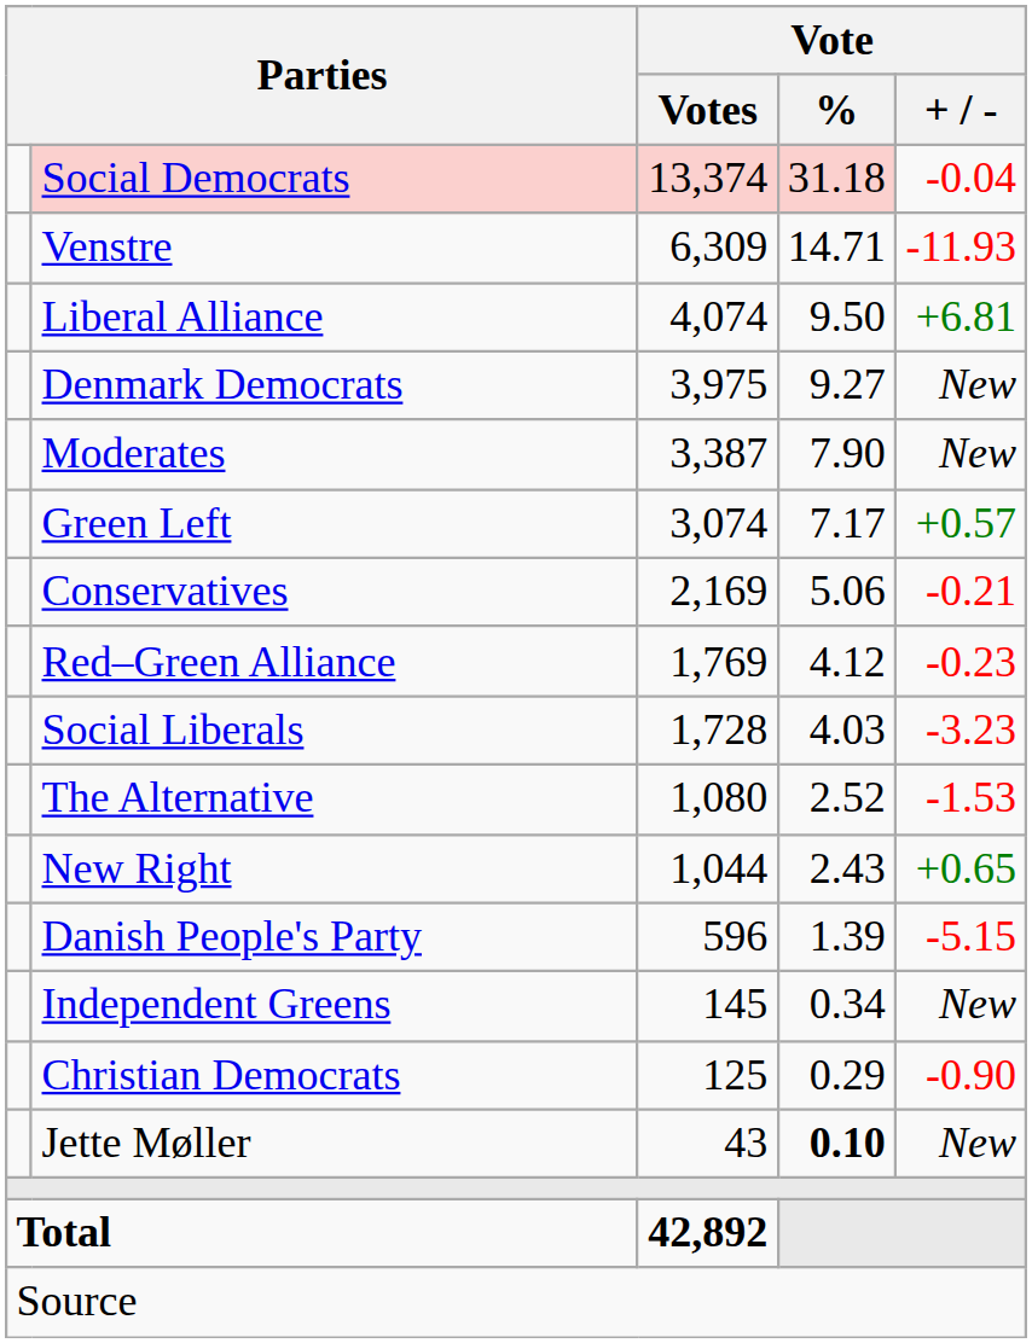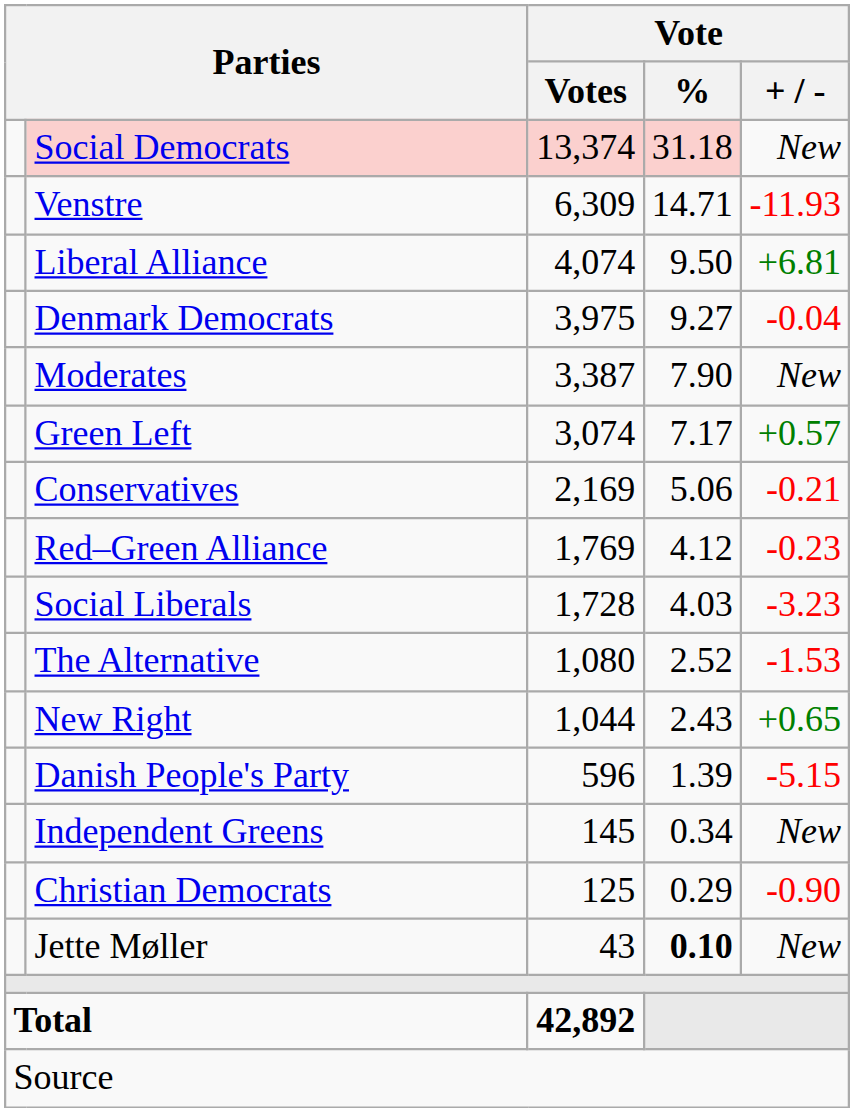 <table class="wikitable" style="text-align:right;">
 <tr>
 <th style="text-align:centre;" rowspan="2" colspan="2" width="225">Parties</th>
 <th colspan="3">Vote</th>
 </tr>
 <tr>
 <th width="15">Votes</th>
 <th width="15">%</th>
 <th width="15">+ / -</th>
 </tr>
 <tr>
 <td width="2" style="color:inherit;background:"></td>
 <td bgcolor=#fbd0ce  align="left"><a href='#'>Social Democrats</a></td>
 <td bgcolor=#fbd0ce>13,374</td>
 <td bgcolor=#fbd0ce>31.18</td>
-<td style=color:red;>-0.04</td>
+<td><em>New</em></td>
 </tr>
 <tr>
 <td width="2" style="color:inherit;background:"></td>
 <td align="left"><a href='#'>Venstre</a></td>
 <td>6,309</td>
 <td>14.71</td>
 <td style=color:red;>-11.93</td>
 </tr>
 <tr>
 <td width="2" style="color:inherit;background:"></td>
 <td align="left"><a href='#'>Liberal Alliance</a></td>
 <td>4,074</td>
 <td>9.50</td>
 <td style=color:green;>+6.81</td>
 </tr>
 <tr>
 <td width="2" style="color:inherit;background:"></td>
 <td align="left"><a href='#'>Denmark Democrats</a></td>
 <td>3,975</td>
 <td>9.27</td>
-<td><em>New</em></td>
+<td style=color:red;>-0.04</td>
 </tr>
 <tr>
 <td width="2" style="color:inherit;background:"></td>
 <td align="left"><a href='#'>Moderates</a></td>
 <td>3,387</td>
 <td>7.90</td>
 <td><em>New</em></td>
 </tr>
 <tr>
 <td width="2" style="color:inherit;background:"></td>
 <td align="left"><a href='#'>Green Left</a></td>
 <td>3,074</td>
 <td>7.17</td>
 <td style=color:green;>+0.57</td>
 </tr>
 <tr>
 <td width="2" style="color:inherit;background:"></td>
 <td align="left"><a href='#'>Conservatives</a></td>
 <td>2,169</td>
 <td>5.06</td>
 <td style=color:red;>-0.21</td>
 </tr>
 <tr>
 <td width="2" style="color:inherit;background:"></td>
 <td align="left"><a href='#'>Red–Green Alliance</a></td>
 <td>1,769</td>
 <td>4.12</td>
 <td style=color:red;>-0.23</td>
 </tr>
 <tr>
 <td width="2" style="color:inherit;background:"></td>
 <td align="left"><a href='#'>Social Liberals</a></td>
 <td>1,728</td>
 <td>4.03</td>
 <td style=color:red;>-3.23</td>
 </tr>
 <tr>
 <td width="2" style="color:inherit;background:"></td>
 <td align="left"><a href='#'>The Alternative</a></td>
 <td>1,080</td>
 <td>2.52</td>
 <td style=color:red;>-1.53</td>
 </tr>
 <tr>
 <td width="2" style="color:inherit;background:"></td>
 <td align="left"><a href='#'>New Right</a></td>
 <td>1,044</td>
 <td>2.43</td>
 <td style=color:green;>+0.65</td>
 </tr>
 <tr>
 <td width="2" style="color:inherit;background:"></td>
 <td align="left"><a href='#'>Danish People's Party</a></td>
 <td>596</td>
 <td>1.39</td>
 <td style=color:red;>-5.15</td>
 </tr>
 <tr>
 <td width="2" style="color:inherit;background:"></td>
 <td align="left"><a href='#'>Independent Greens</a></td>
 <td>145</td>
 <td>0.34</td>
 <td><em>New</em></td>
 </tr>
 <tr>
 <td width="2" style="color:inherit;background:"></td>
 <td align="left"><a href='#'>Christian Democrats</a></td>
 <td>125</td>
 <td>0.29</td>
 <td style=color:red;>-0.90</td>
 </tr>
 <tr>
 <td width="2" style="color:inherit;background:"></td>
 <td align="left">Jette Møller</td>
 <td>43</td>
 <td><strong>0.10</strong></td>
 <td><em>New</em></td>
 </tr>
 <tr>
 <td colspan="7" bgcolor="#E9E9E9"></td>
 </tr>
 <tr>
 <td align="left" colspan="2"><strong>Total</strong></td>
 <td><strong>42,892</strong></td>
 <td bgcolor="#E9E9E9" colspan="2"></td>
 </tr>
 <tr>
 <td align="left" colspan="6">Source</td>
 </tr>
 </table>
